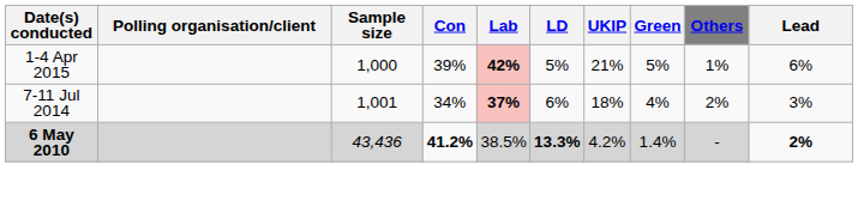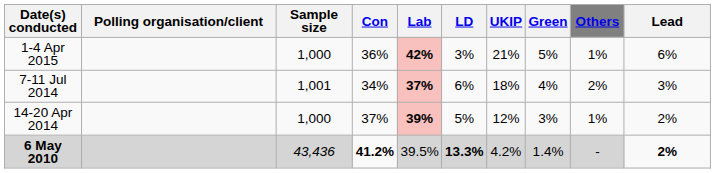 <table class="wikitable sortable" style="text-align:center;font-size:90%;line-height:14px">
 <tr>
 <th ! style="width:75px;">Date(s)<br>conducted</th>
 <th style="width:200px;">Polling organisation/client</th>
 <th class="unsortable" style="width:75px;">Sample size</th>
 <th class="unsortable" style="background:"><a href='#'><span>Con</span></a></th>
 <th class="unsortable" style="background:"><a href='#'><span>Lab</span></a></th>
 <th class="unsortable" style="background:"><a href='#'><span>LD</span></a></th>
 <th class="unsortable" style="background:"><a href='#'><span>UKIP</span></a></th>
 <th class="unsortable" style="background:"><a href='#'><span>Green</span></a></th>
 <th class="unsortable" style="background:gray; width:50px;"><a href='#'><span>Others</span></a></th>
 <th class="unsortable" style="width:85px;">Lead</th>
 </tr>
 <tr>
 <td>1-4 Apr 2015</td>
 <td></td>
 <td>1,000</td>
-<td>39%</td>
+<td>36%</td>
 <td style="background:#F8C1BE"><strong>42%</strong></td>
-<td>5%</td>
+<td>3%</td>
 <td>21%</td>
 <td>5%</td>
 <td>1%</td>
 <td style="background:">6%</td>
 </tr>
 <tr>
 <td>7-11 Jul 2014</td>
 <td></td>
 <td>1,001</td>
 <td>34%</td>
 <td style="background:#F8C1BE"><strong>37%</strong></td>
 <td>6%</td>
 <td>18%</td>
 <td>4%</td>
 <td>2%</td>
 <td style="background:">3%</td>
 </tr>
 <tr>
+<td>14-20 Apr 2014</td>
+<td></td>
+<td>1,000</td>
+<td>37%</td>
+<td style="background:#F8C1BE"><strong>39%</strong></td>
+<td>5%</td>
+<td>12%</td>
+<td>3%</td>
+<td>1%</td>
+<td style="background:">2%</td>
+</tr>
+<tr>
 <td style="background:#D5D5D5"><strong>6 May 2010</strong></td>
 <td style="background:#D5D5D5"></td>
 <td style="background:#D5D5D5"><em>43,436</em></td>
 <td style="background:"><strong>41.2%</strong></td>
-<td style="background:#D5D5D5">38.5%</td>
+<td style="background:#D5D5D5">39.5%</td>
 <td style="background:#D5D5D5"><strong>13.3%</strong></td>
 <td style="background:#D5D5D5">4.2%</td>
 <td style="background:#D5D5D5">1.4%</td>
 <td style="background:#D5D5D5">-</td>
 <td style="background:"><strong>2% </strong></td>
 </tr>
 </table>
